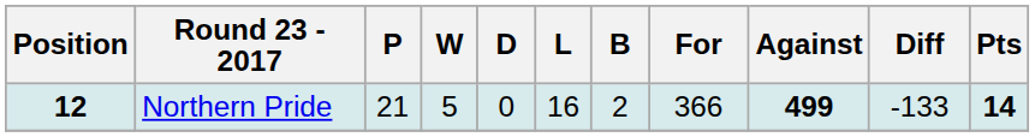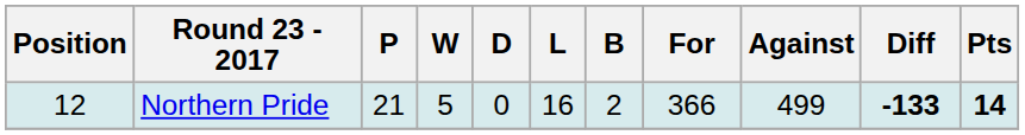 <table class="wikitable" style="text-align:center; font-size:85%;">
 <tr>
 <th width=40 abbr="Position">Position</th>
 <th width=100>Round 23 - 2017</th>
 <th width=20 abbr="Played">P</th>
 <th width=20 abbr="Won">W</th>
 <th width=20 abbr="Drawn">D</th>
 <th width=20 abbr="Lost">L</th>
 <th width=20 abbr="Bye">B</th>
 <th width=40 abbr="Points for">For</th>
 <th width=40 abbr="Points against">Against</th>
 <th width=40 abbr="Points difference">Diff</th>
 <th width=20 abbr="Points">Pts</th>
 </tr>
 <tr style="background: #d7ebed;">
-<td><strong>12</strong></td>
+<td>12</td>
 <td style="text-align:left;"> <a href='#'>Northern Pride</a></td>
 <td>21</td>
 <td>5</td>
 <td>0</td>
 <td>16</td>
 <td>2</td>
 <td>366</td>
-<td><strong>499</strong></td>
-<td>-133</td>
+<td>499</td>
+<td><strong>-133</strong></td>
 <td><strong>14</strong></td>
 </tr>
 <tr>
 </tr>
 </table>
